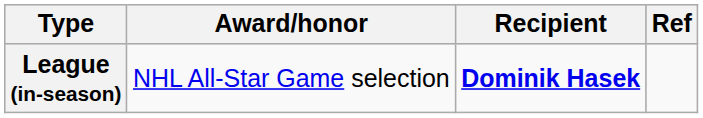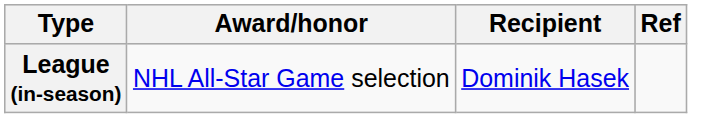 <table class="wikitable">
 <tr>
 <th scope="col">Type</th>
 <th scope="col">Award/honor</th>
 <th scope="col">Recipient</th>
 <th scope="col">Ref</th>
 </tr>
 <tr>
 <th scope="row">League<br><small>(in-season)</small></th>
 <td><a href='#'>NHL All-Star Game</a> selection</td>
-<td><strong><a href='#'>Dominik Hasek</a></strong></td>
+<td><a href='#'>Dominik Hasek</a></td>
 <td></td>
 </tr>
 </table>
